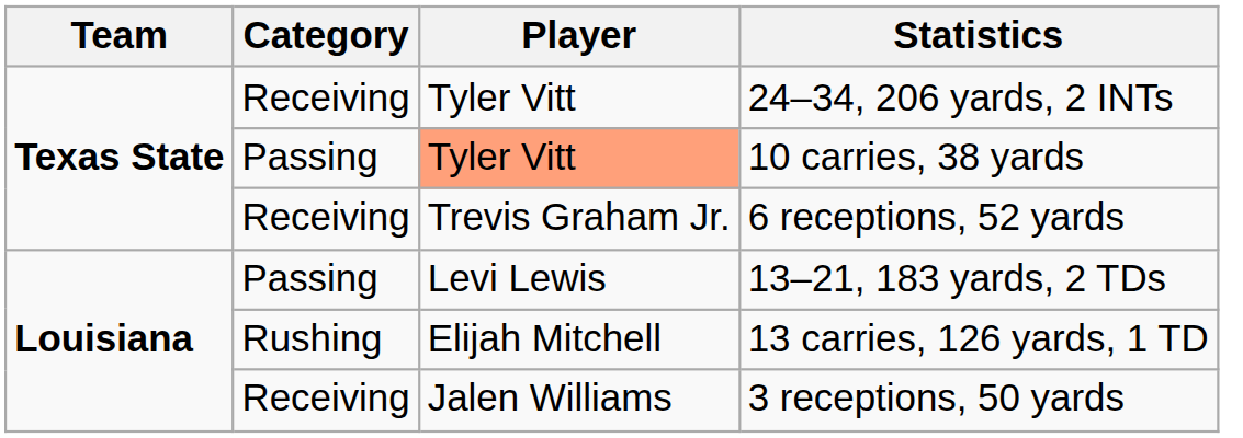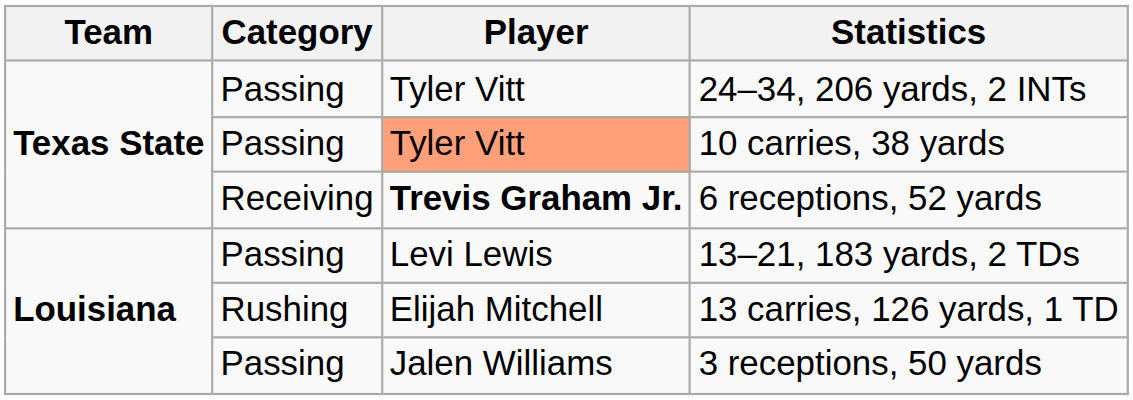 <table class="wikitable" style="float: left;">
 <tr>
 <th>Team</th>
 <th>Category</th>
 <th>Player</th>
 <th>Statistics</th>
 </tr>
 <tr>
 <td rowspan=3><strong>Texas State</strong></td>
-<td>Receiving</td>
+<td>Passing</td>
 <td>Tyler Vitt</td>
 <td>24–34, 206 yards, 2 INTs</td>
 </tr>
 <tr>
 <td>Passing</td>
 <td style="background: lightsalmon;">Tyler Vitt</td>
 <td>10 carries, 38 yards</td>
 </tr>
 <tr>
 <td>Receiving</td>
-<td>Trevis Graham Jr.</td>
+<td><strong>Trevis Graham Jr.</strong></td>
 <td>6 receptions, 52 yards</td>
 </tr>
 <tr>
 <td rowspan=3><strong>Louisiana</strong></td>
 <td>Passing</td>
 <td>Levi Lewis</td>
 <td>13–21, 183 yards, 2 TDs</td>
 </tr>
 <tr>
 <td>Rushing</td>
 <td>Elijah Mitchell</td>
 <td>13 carries, 126 yards, 1 TD</td>
 </tr>
 <tr>
-<td>Receiving</td>
+<td>Passing</td>
 <td>Jalen Williams</td>
 <td>3 receptions, 50 yards</td>
 </tr>
 </table>
